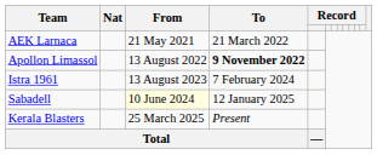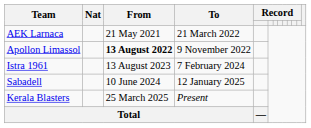 <table class="wikitable" style="text-align: center">
 <tr>
 <th rowspan="2">Team</th>
 <th rowspan="2">Nat</th>
 <th rowspan="2">From</th>
 <th rowspan="2">To</th>
 <th colspan="8">Record</th>
 <th rowspan=2></th>
 </tr>
 <tr>
 <th></th>
 <th></th>
 <th></th>
 <th></th>
 <th></th>
 <th></th>
 <th></th>
 <th></th>
 </tr>
 <tr>
 <td align=left><a href='#'>AEK Larnaca</a></td>
 <td></td>
 <td align=left>21 May 2021</td>
 <td align=left>21 March 2022<br></td>
 <td></td>
 </tr>
 <tr>
 <td align=left><a href='#'>Apollon Limassol</a></td>
 <td></td>
-<td align=left>13 August 2022</td>
-<td align=left><strong>9 November 2022<br></strong></td>
+<td align=left><strong>13 August 2022</strong></td>
+<td align=left>9 November 2022<br></td>
 <td></td>
 </tr>
 <tr>
 <td align=left><a href='#'>Istra 1961</a></td>
 <td></td>
 <td align=left>13 August 2023</td>
 <td align=left>7 February 2024<br></td>
 <td></td>
 </tr>
 <tr>
 <td align=left><a href='#'>Sabadell</a></td>
 <td></td>
-<td align=left style="background: lightyellow;">10 June 2024</td>
+<td align=left>10 June 2024</td>
 <td align=left>12 January 2025<br></td>
 <td></td>
 </tr>
 <tr>
 <td align=left><a href='#'>Kerala Blasters</a></td>
 <td></td>
 <td align=left>25 March 2025</td>
 <td align=left><em>Present</em><br></td>
 <td></td>
 </tr>
 <tr>
 <th colspan="4">Total<br></th>
 <th>—</th>
 </tr>
 </table>
